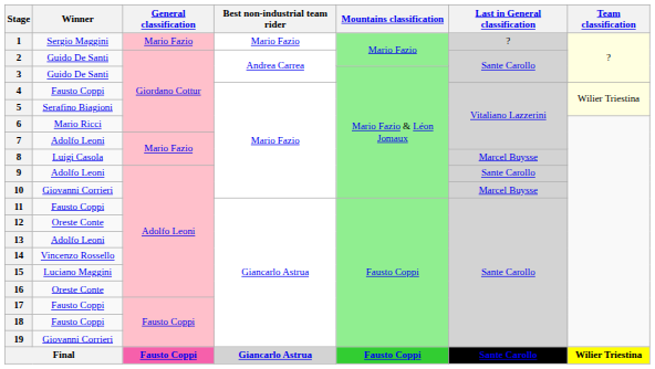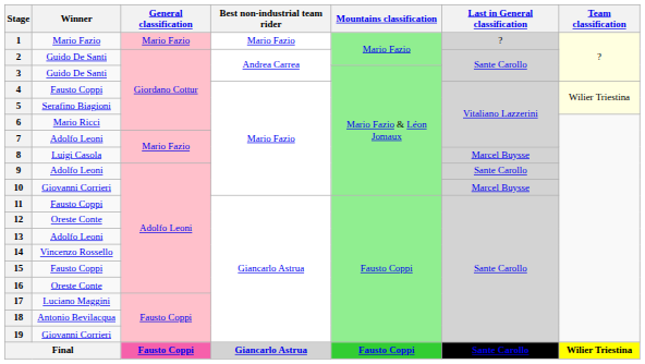 <table class="wikitable" style="text-align:center; font-size:smaller; clear:both;">
 <tr style="background:#efefef;">
 <th scope="col" style="width:1%;">Stage</th>
 <th scope="col" style="width:14%;">Winner</th>
 <th scope=“col” style=“width:14%;”><a href='#'>General classification</a><br></th>
 <th scope=“col” style=“width:14%;”>Best non-industrial team rider<br></th>
 <th scope=“col” style=“width:14%;”><a href='#'>Mountains classification</a></th>
 <th scope=“col” style=“width:14%;”><a href='#'>Last in General classification</a><br></th>
 <th scope=“col” style=“width:14%;”><a href='#'>Team classification</a></th>
 </tr>
 <tr>
 <th scope=“row”>1</th>
-<td><a href='#'>Sergio Maggini</a></td>
+<td><a href='#'>Mario Fazio</a></td>
 <td style="background:pink;" rowspan="1"><a href='#'>Mario Fazio</a></td>
 <td style="background:white;" rowspan="1"><a href='#'>Mario Fazio</a></td>
 <td style="background:lightgreen;" rowspan="2"><a href='#'>Mario Fazio</a></td>
 <td style="background:lightgray;" rowspan="1">?</td>
 <td style="background:lightyellow;" rowspan="3">?</td>
 </tr>
 <tr>
 <th scope=“row”>2</th>
 <td><a href='#'>Guido De Santi</a></td>
 <td style="background:pink;" rowspan="5"><a href='#'>Giordano Cottur</a></td>
 <td style="background:white;" rowspan="2"><a href='#'>Andrea Carrea</a></td>
 <td style="background:lightgray;" rowspan="2"><a href='#'>Sante Carollo</a></td>
 </tr>
 <tr>
 <th scope=“row”>3</th>
 <td><a href='#'>Guido De Santi</a></td>
 <td style="background:lightgreen;" rowspan="8"><a href='#'>Mario Fazio</a> & <a href='#'>Léon Jomaux</a></td>
 </tr>
 <tr>
 <th scope=“row”>4</th>
 <td><a href='#'>Fausto Coppi</a></td>
 <td style="background:white;" rowspan="7"><a href='#'>Mario Fazio</a></td>
 <td style="background:lightgray;" rowspan="4"><a href='#'>Vitaliano Lazzerini</a></td>
 <td style="background:lightyellow;" rowspan="2">Wilier Triestina</td>
 </tr>
 <tr>
 <th scope=“row”>5</th>
 <td><a href='#'>Serafino Biagioni</a></td>
 </tr>
 <tr>
 <th scope=“row”>6</th>
 <td><a href='#'>Mario Ricci</a></td>
 </tr>
 <tr>
 <th scope=“row”>7</th>
 <td><a href='#'>Adolfo Leoni</a></td>
 <td style="background:pink;" rowspan="2"><a href='#'>Mario Fazio</a></td>
 </tr>
 <tr>
 <th scope=“row”>8</th>
 <td><a href='#'>Luigi Casola</a></td>
 <td style="background:lightgray;" rowspan="1"><a href='#'>Marcel Buysse</a></td>
 </tr>
 <tr>
 <th scope=“row”>9</th>
 <td><a href='#'>Adolfo Leoni</a></td>
 <td style="background:pink;" rowspan="8"><a href='#'>Adolfo Leoni</a></td>
 <td style="background:lightgray;" rowspan="1"><a href='#'>Sante Carollo</a></td>
 </tr>
 <tr>
 <th scope=“row”>10</th>
 <td><a href='#'>Giovanni Corrieri</a></td>
 <td style="background:lightgray;" rowspan="1"><a href='#'>Marcel Buysse</a></td>
 </tr>
 <tr>
 <th scope=“row”>11</th>
 <td><a href='#'>Fausto Coppi</a></td>
 <td style="background:white;" rowspan="9"><a href='#'>Giancarlo Astrua</a></td>
 <td style="background:lightgreen;" rowspan="9"><a href='#'>Fausto Coppi</a></td>
 <td style="background:lightgray;" rowspan="9"><a href='#'>Sante Carollo</a></td>
 </tr>
 <tr>
 <th scope=“row”>12</th>
 <td><a href='#'>Oreste Conte</a></td>
 </tr>
 <tr>
 <th scope=“row”>13</th>
 <td><a href='#'>Adolfo Leoni</a></td>
 </tr>
 <tr>
 <th scope=“row”>14</th>
 <td><a href='#'>Vincenzo Rossello</a></td>
 </tr>
 <tr>
 <th scope=“row”>15</th>
-<td><a href='#'>Luciano Maggini</a></td>
+<td><a href='#'>Fausto Coppi</a></td>
 </tr>
 <tr>
 <th scope=“row”>16</th>
 <td><a href='#'>Oreste Conte</a></td>
 </tr>
 <tr>
 <th scope=“row”>17</th>
-<td><a href='#'>Fausto Coppi</a></td>
+<td><a href='#'>Luciano Maggini</a></td>
 <td style="background:pink;" rowspan="3"><a href='#'>Fausto Coppi</a></td>
 </tr>
 <tr>
 <th scope=“row”>18</th>
-<td><a href='#'>Fausto Coppi</a></td>
+<td><a href='#'>Antonio Bevilacqua</a></td>
 </tr>
 <tr>
 <th scope=“row”>19</th>
 <td><a href='#'>Giovanni Corrieri</a></td>
 </tr>
 <tr>
 <th colspan=2>Final</th>
 <th style="background:#F660AB;"  rowspan="1"><strong><a href='#'>Fausto Coppi</a></strong></th>
 <th style="background:lightgray;"><a href='#'>Giancarlo Astrua</a></th>
 <th style="background:#32CD32;"><strong><a href='#'>Fausto Coppi</a></strong></th>
 <th style="background:black;"><strong><a href='#'>Sante Carollo</a></strong></th>
 <th style="background:yellow;"><strong>Wilier Triestina</strong></th>
 </tr>
 </table>
